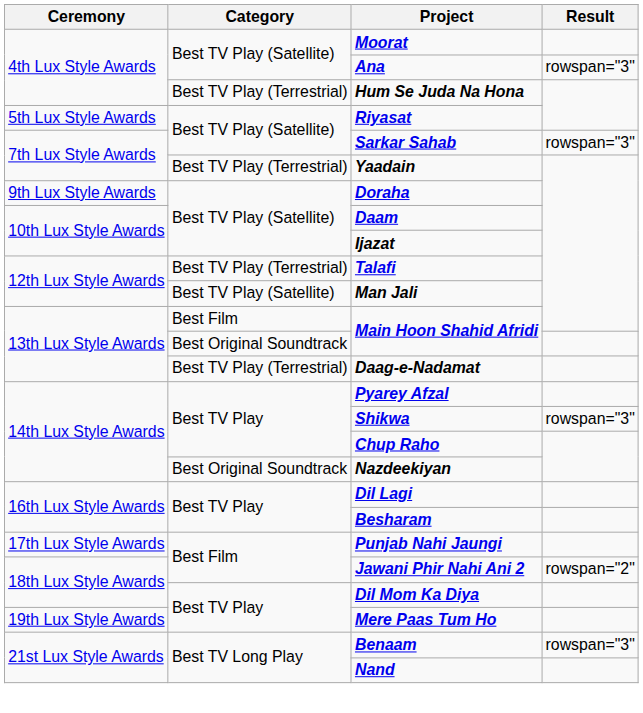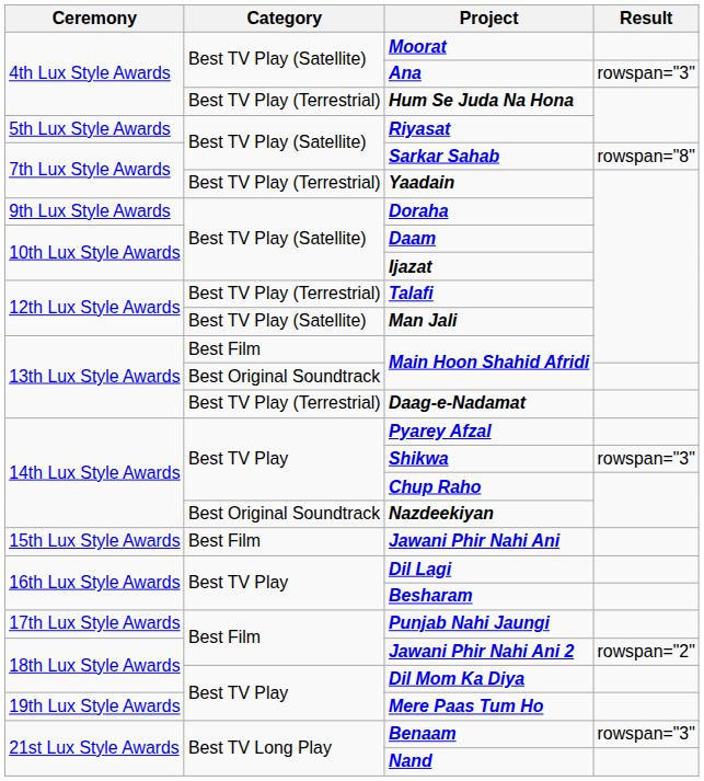 <table class="wikitable style">
 <tr>
 <th>Ceremony</th>
 <th>Category</th>
 <th>Project</th>
 <th>Result</th>
 </tr>
 <tr>
 <td rowspan="3"><a href='#'>4th Lux Style Awards</a></td>
 <td rowspan="2">Best TV Play (Satellite)</td>
 <td><strong><em><a href='#'>Moorat</a></em></strong></td>
 <td></td>
 </tr>
 <tr>
 <td><strong><em><a href='#'>Ana</a></em></strong></td>
 <td>rowspan="3" </td>
 </tr>
 <tr>
 <td>Best TV Play (Terrestrial)</td>
 <td><strong><em>Hum Se Juda Na Hona</em></strong></td>
 </tr>
 <tr>
 <td><a href='#'>5th Lux Style Awards</a></td>
 <td rowspan="2">Best TV Play (Satellite)</td>
 <td><strong><em><a href='#'>Riyasat</a></em></strong></td>
 </tr>
 <tr>
 <td rowspan="2"><a href='#'>7th Lux Style Awards</a></td>
 <td><strong><em><a href='#'>Sarkar Sahab</a></em></strong></td>
-<td>rowspan="3" </td>
+<td>rowspan="8" </td>
 </tr>
 <tr>
 <td>Best TV Play (Terrestrial)</td>
 <td><strong><em>Yaadain</em></strong></td>
 </tr>
 <tr>
 <td><a href='#'>9th Lux Style Awards</a></td>
 <td rowspan="3">Best TV Play (Satellite)</td>
 <td><strong><em><a href='#'>Doraha</a></em></strong></td>
 </tr>
 <tr>
 <td rowspan="2"><a href='#'>10th Lux Style Awards</a></td>
 <td><strong><em><a href='#'>Daam</a></em></strong></td>
 </tr>
 <tr>
 <td><strong><em>Ijazat</em></strong></td>
 </tr>
 <tr>
 <td rowspan="2"><a href='#'>12th Lux Style Awards</a></td>
 <td>Best TV Play (Terrestrial)</td>
 <td><strong><em><a href='#'>Talafi</a></em></strong></td>
 </tr>
 <tr>
 <td>Best TV Play (Satellite)</td>
 <td><strong><em>Man Jali</em></strong></td>
 </tr>
 <tr>
 <td rowspan="3"><a href='#'>13th Lux Style Awards</a></td>
 <td>Best Film</td>
 <td rowspan="2"><strong><em><a href='#'>Main Hoon Shahid Afridi</a></em></strong></td>
 </tr>
 <tr>
 <td>Best Original Soundtrack</td>
 <td></td>
 </tr>
 <tr>
 <td>Best TV Play (Terrestrial)</td>
 <td><strong><em>Daag-e-Nadamat</em></strong></td>
 <td></td>
 </tr>
 <tr>
 <td rowspan="4"><a href='#'>14th Lux Style Awards</a></td>
 <td rowspan="3">Best TV Play</td>
 <td><strong><em><a href='#'>Pyarey Afzal</a></em></strong></td>
 <td></td>
 </tr>
 <tr>
 <td><strong><em><a href='#'>Shikwa</a></em></strong></td>
 <td>rowspan="3" </td>
 </tr>
 <tr>
 <td><strong><em><a href='#'>Chup Raho</a></em></strong></td>
 </tr>
 <tr>
 <td>Best Original Soundtrack</td>
 <td><strong><em>Nazdeekiyan</em></strong></td>
 </tr>
 <tr>
+<td><a href='#'>15th Lux Style Awards</a></td>
+<td>Best Film</td>
+<td><strong><em><a href='#'>Jawani Phir Nahi Ani</a></em></strong></td>
+<td></td>
+</tr>
+<tr>
 <td rowspan="2"><a href='#'>16th Lux Style Awards</a></td>
 <td rowspan="2">Best TV Play</td>
 <td><strong><em><a href='#'>Dil Lagi</a></em></strong></td>
 <td></td>
 </tr>
 <tr>
 <td><strong><em><a href='#'>Besharam</a></em></strong></td>
 <td></td>
 </tr>
 <tr>
 <td><a href='#'>17th Lux Style Awards</a></td>
 <td Rowspan="2">Best Film</td>
 <td><strong><em><a href='#'>Punjab Nahi Jaungi</a></em></strong></td>
 <td></td>
 </tr>
 <tr>
 <td rowspan="2"><a href='#'>18th Lux Style Awards</a></td>
 <td><strong><em><a href='#'>Jawani Phir Nahi Ani 2</a></em></strong></td>
 <td>rowspan="2" </td>
 </tr>
 <tr>
 <td rowspan="2">Best TV Play</td>
 <td><strong><em><a href='#'>Dil Mom Ka Diya</a></em></strong></td>
 </tr>
 <tr>
 <td><a href='#'>19th Lux Style Awards</a></td>
 <td><strong><em><a href='#'>Mere Paas Tum Ho</a></em></strong></td>
 <td></td>
 </tr>
 <tr>
 <td rowspan="2"><a href='#'>21st Lux Style Awards</a></td>
 <td rowspan="2">Best TV Long Play</td>
 <td><strong><em><a href='#'>Benaam</a></em></strong></td>
 <td>rowspan="3" </td>
 </tr>
 <tr>
 <td><strong><em><a href='#'>Nand</a></em></strong></td>
 </tr>
 </table>
